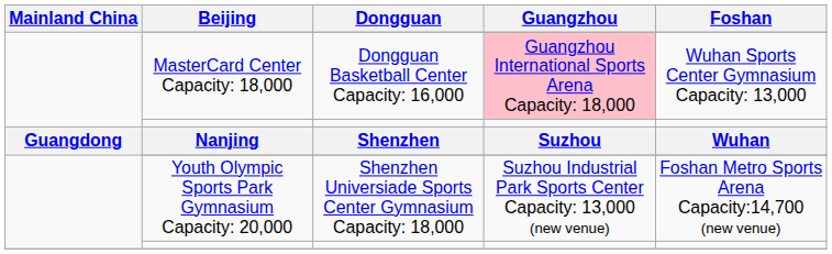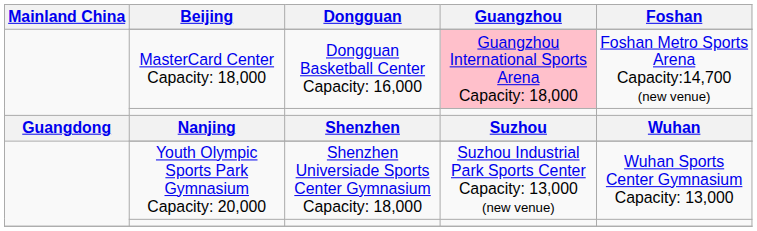 <table class="wikitable" style="text-align:center;" align="center">
 <tr>
 <th><a href='#'>Mainland China</a></th>
 <th width=150px><a href='#'>Beijing</a></th>
 <th width=150px><a href='#'>Dongguan</a></th>
 <th width=150px><a href='#'>Guangzhou</a></th>
 <th width=150px><a href='#'>Foshan</a></th>
 </tr>
 <tr>
 <td rowspan="3"></td>
 </tr>
 <tr>
 <td><a href='#'>MasterCard Center</a><br>Capacity: 18,000</td>
 <td><a href='#'>Dongguan Basketball Center</a><br>Capacity: 16,000</td>
 <td style="background: pink;"><a href='#'>Guangzhou International Sports Arena</a><br>Capacity: 18,000</td>
-<td><a href='#'>Wuhan Sports Center Gymnasium</a><br>Capacity: 13,000</td>
+<td><a href='#'>Foshan Metro Sports Arena</a><br>Capacity:14,700 <br><small>(new venue)</small></td>
 </tr>
 <tr>
 <td></td>
 <td></td>
 <td></td>
 <td></td>
 </tr>
 <tr>
 <th><a href='#'>Guangdong</a></th>
 <th><a href='#'>Nanjing</a></th>
 <th><a href='#'>Shenzhen</a></th>
 <th><a href='#'>Suzhou</a></th>
 <th><a href='#'>Wuhan</a></th>
 </tr>
 <tr>
 <td rowspan="3"></td>
 </tr>
 <tr>
 <td><a href='#'>Youth Olympic Sports Park Gymnasium</a><br>Capacity: 20,000</td>
 <td><a href='#'>Shenzhen Universiade Sports Center Gymnasium</a><br>Capacity: 18,000 <small></small></td>
 <td><a href='#'>Suzhou Industrial Park Sports Center</a><br>Capacity: 13,000 <small>(new venue)</small></td>
-<td><a href='#'>Foshan Metro Sports Arena</a><br>Capacity:14,700 <br><small>(new venue)</small></td>
+<td><a href='#'>Wuhan Sports Center Gymnasium</a><br>Capacity: 13,000</td>
 </tr>
 <tr>
 <td></td>
 <td></td>
 <td></td>
 <td></td>
 </tr>
 <tr>
 </tr>
 </table>
